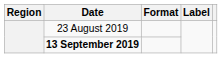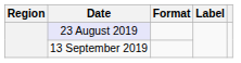 <table class="wikitable sortable plainrowheaders" style="text-align:center">
 <tr>
 <th>Region</th>
 <th>Date</th>
 <th>Format</th>
 <th>Label</th>
 <th></th>
 </tr>
 <tr>
 <th scope="row" rowspan="2"></th>
-<td>23 August 2019</td>
+<td style="background: lavender;">23 August 2019</td>
 <td></td>
 <td rowspan="2"></td>
 <td rowspan="2"></td>
 </tr>
 <tr>
-<td><strong>13 September 2019</strong></td>
+<td>13 September 2019</td>
 <td></td>
 </tr>
 </table>
